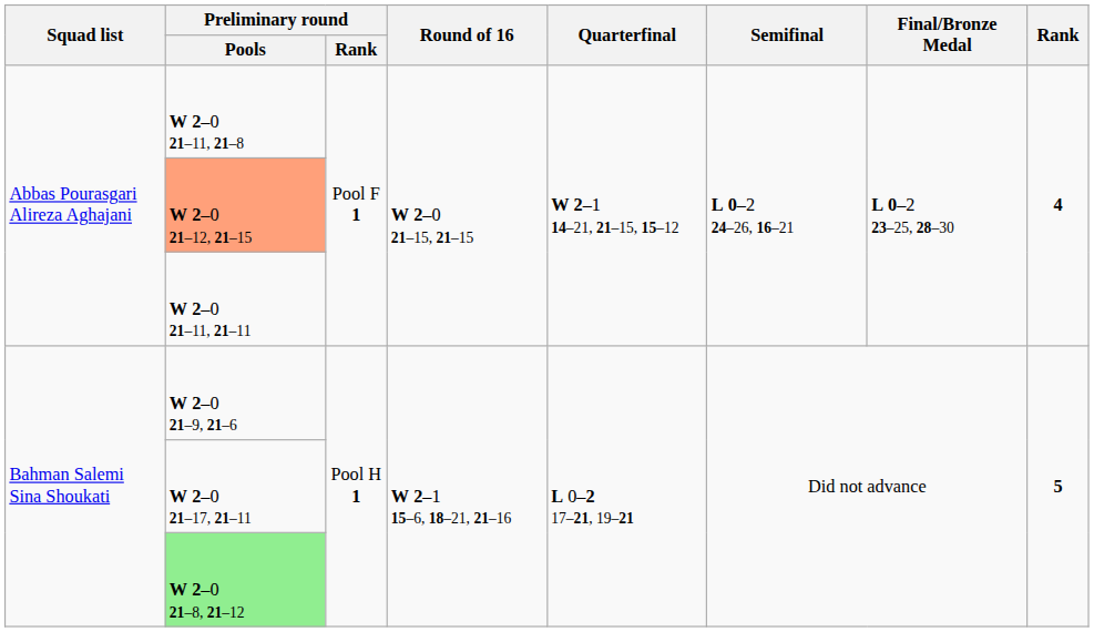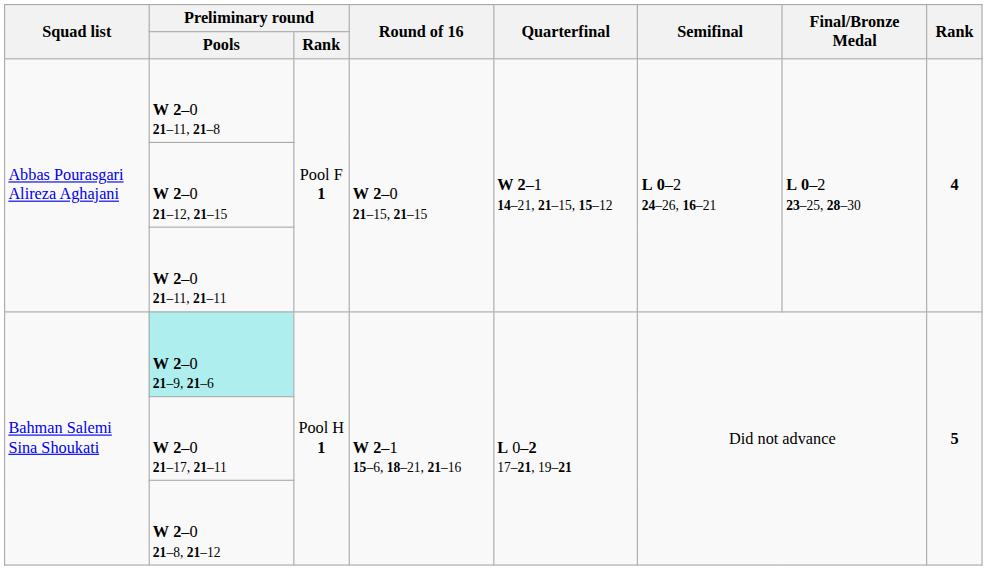 <table class="wikitable" width="98%" style="text-align:left; font-size:90%">
 <tr>
 <th rowspan="2" width="13%">Squad list</th>
 <th colspan="2">Preliminary round</th>
 <th rowspan="2" width="13%">Round of 16</th>
 <th rowspan="2" width="13%">Quarterfinal</th>
 <th rowspan="2" width="13%">Semifinal</th>
 <th rowspan="2" width="13%">Final/Bronze Medal</th>
 <th rowspan="2" width="5%">Rank</th>
 </tr>
 <tr>
 <th width="13%">Pools</th>
 <th width="5%">Rank</th>
 </tr>
 <tr>
 <td rowspan="3"><a href='#'>Abbas Pourasgari</a><br><a href='#'>Alireza Aghajani</a></td>
 <td><br><br><strong>W</strong> <strong>2</strong>–0<br><small><strong>21</strong>–11, <strong>21</strong>–8</small></td>
 <td rowspan="3" align=center>Pool F<br><strong>1</strong> <strong></strong></td>
 <td rowspan="3"><br><br><strong>W</strong> <strong>2</strong>–0<br><small><strong>21</strong>–15, <strong>21</strong>–15</small></td>
 <td rowspan="3"><br> <strong>W</strong> <strong>2</strong>–1<br><small><strong>14</strong>–21, <strong>21</strong>–15, <strong>15</strong>–12</small></td>
 <td rowspan="3"><br> <strong>L</strong> <strong>0</strong>–2<br><small><strong>24</strong>–26, <strong>16</strong>–21</small></td>
 <td rowspan="3"><br> <strong>L</strong> <strong>0</strong>–2<br><small><strong>23</strong>–25, <strong>28</strong>–30</small></td>
 <td rowspan="3" align="center"><strong>4</strong></td>
 </tr>
 <tr>
-<td style="background: lightsalmon;"><br><br><strong>W</strong> <strong>2</strong>–0<br><small><strong>21</strong>–12, <strong>21</strong>–15</small></td>
+<td><br><br><strong>W</strong> <strong>2</strong>–0<br><small><strong>21</strong>–12, <strong>21</strong>–15</small></td>
 </tr>
 <tr>
 <td><br><br><strong>W</strong> <strong>2</strong>–0<br><small><strong>21</strong>–11, <strong>21</strong>–11</small></td>
 </tr>
 <tr>
 <td rowspan="3"><a href='#'>Bahman Salemi</a><br><a href='#'>Sina Shoukati</a></td>
-<td><br><br><strong>W</strong> <strong>2</strong>–0<br><small><strong>21</strong>–9, <strong>21</strong>–6</small></td>
+<td style="background: paleturquoise;"><br><br><strong>W</strong> <strong>2</strong>–0<br><small><strong>21</strong>–9, <strong>21</strong>–6</small></td>
 <td rowspan="3" align=center>Pool H<br><strong>1</strong> <strong></strong></td>
 <td rowspan="3"><br><br><strong>W</strong> <strong>2</strong>–1<br><small><strong>15</strong>–6, <strong>18</strong>–21, <strong>21</strong>–16</small></td>
 <td rowspan="3"><br><br><strong>L</strong> 0–<strong>2</strong><br><small>17–<strong>21</strong>, 19–<strong>21</strong></small></td>
 <td rowspan="3" colspan=2 align=center>Did not advance</td>
 <td rowspan="3" align="center"><strong>5</strong></td>
 </tr>
 <tr>
 <td><br><br><strong>W</strong> <strong>2</strong>–0<br><small><strong>21</strong>–17, <strong>21</strong>–11</small></td>
 </tr>
 <tr>
-<td style="background: lightgreen;"><br><br><strong>W</strong> <strong>2</strong>–0<br><small><strong>21</strong>–8, <strong>21</strong>–12</small></td>
+<td><br><br><strong>W</strong> <strong>2</strong>–0<br><small><strong>21</strong>–8, <strong>21</strong>–12</small></td>
 </tr>
 </table>
